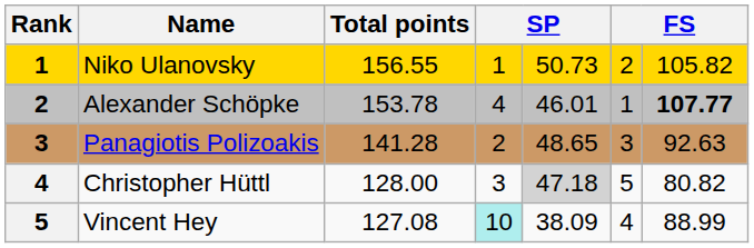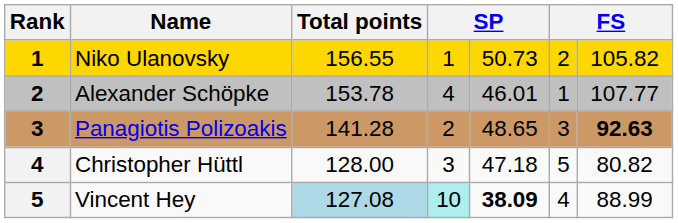 <table class="wikitable sortable">
 <tr>
 <th>Rank</th>
 <th>Name</th>
 <th>Total points</th>
 <th colspan="2" width="80px"><a href='#'>SP</a></th>
 <th colspan="2" width="80px"><a href='#'>FS</a></th>
 </tr>
 <tr bgcolor="gold">
 <td align="center"><strong>1</strong></td>
 <td>Niko Ulanovsky</td>
 <td align="center">156.55</td>
 <td align="center">1</td>
 <td align="center">50.73</td>
 <td align="center">2</td>
 <td align="center">105.82</td>
 </tr>
 <tr bgcolor="silver">
 <td align="center"><strong>2</strong></td>
 <td>Alexander Schöpke</td>
 <td align="center">153.78</td>
 <td align="center">4</td>
 <td align="center">46.01</td>
 <td align="center">1</td>
-<td align="center"><strong>107.77</strong></td>
+<td align="center">107.77</td>
 </tr>
 <tr bgcolor="cc9966">
 <td align="center"><strong>3</strong></td>
 <td><a href='#'>Panagiotis Polizoakis</a></td>
 <td align="center">141.28</td>
 <td align="center">2</td>
 <td align="center">48.65</td>
 <td align="center">3</td>
-<td align="center">92.63</td>
+<td align="center"><strong>92.63</strong></td>
 </tr>
 <tr>
 <th>4</th>
 <td>Christopher Hüttl</td>
 <td align="center">128.00</td>
 <td align="center">3</td>
-<td align="center" style="background: lightgrey;">47.18</td>
+<td align="center">47.18</td>
 <td align="center">5</td>
 <td align="center">80.82</td>
 </tr>
 <tr>
 <th>5</th>
 <td>Vincent Hey</td>
-<td align="center">127.08</td>
+<td align="center" style="background: lightblue;">127.08</td>
 <td align="center" style="background: paleturquoise;">10</td>
-<td align="center">38.09</td>
+<td align="center"><strong>38.09</strong></td>
 <td align="center">4</td>
 <td align="center">88.99</td>
 </tr>
 </table>
